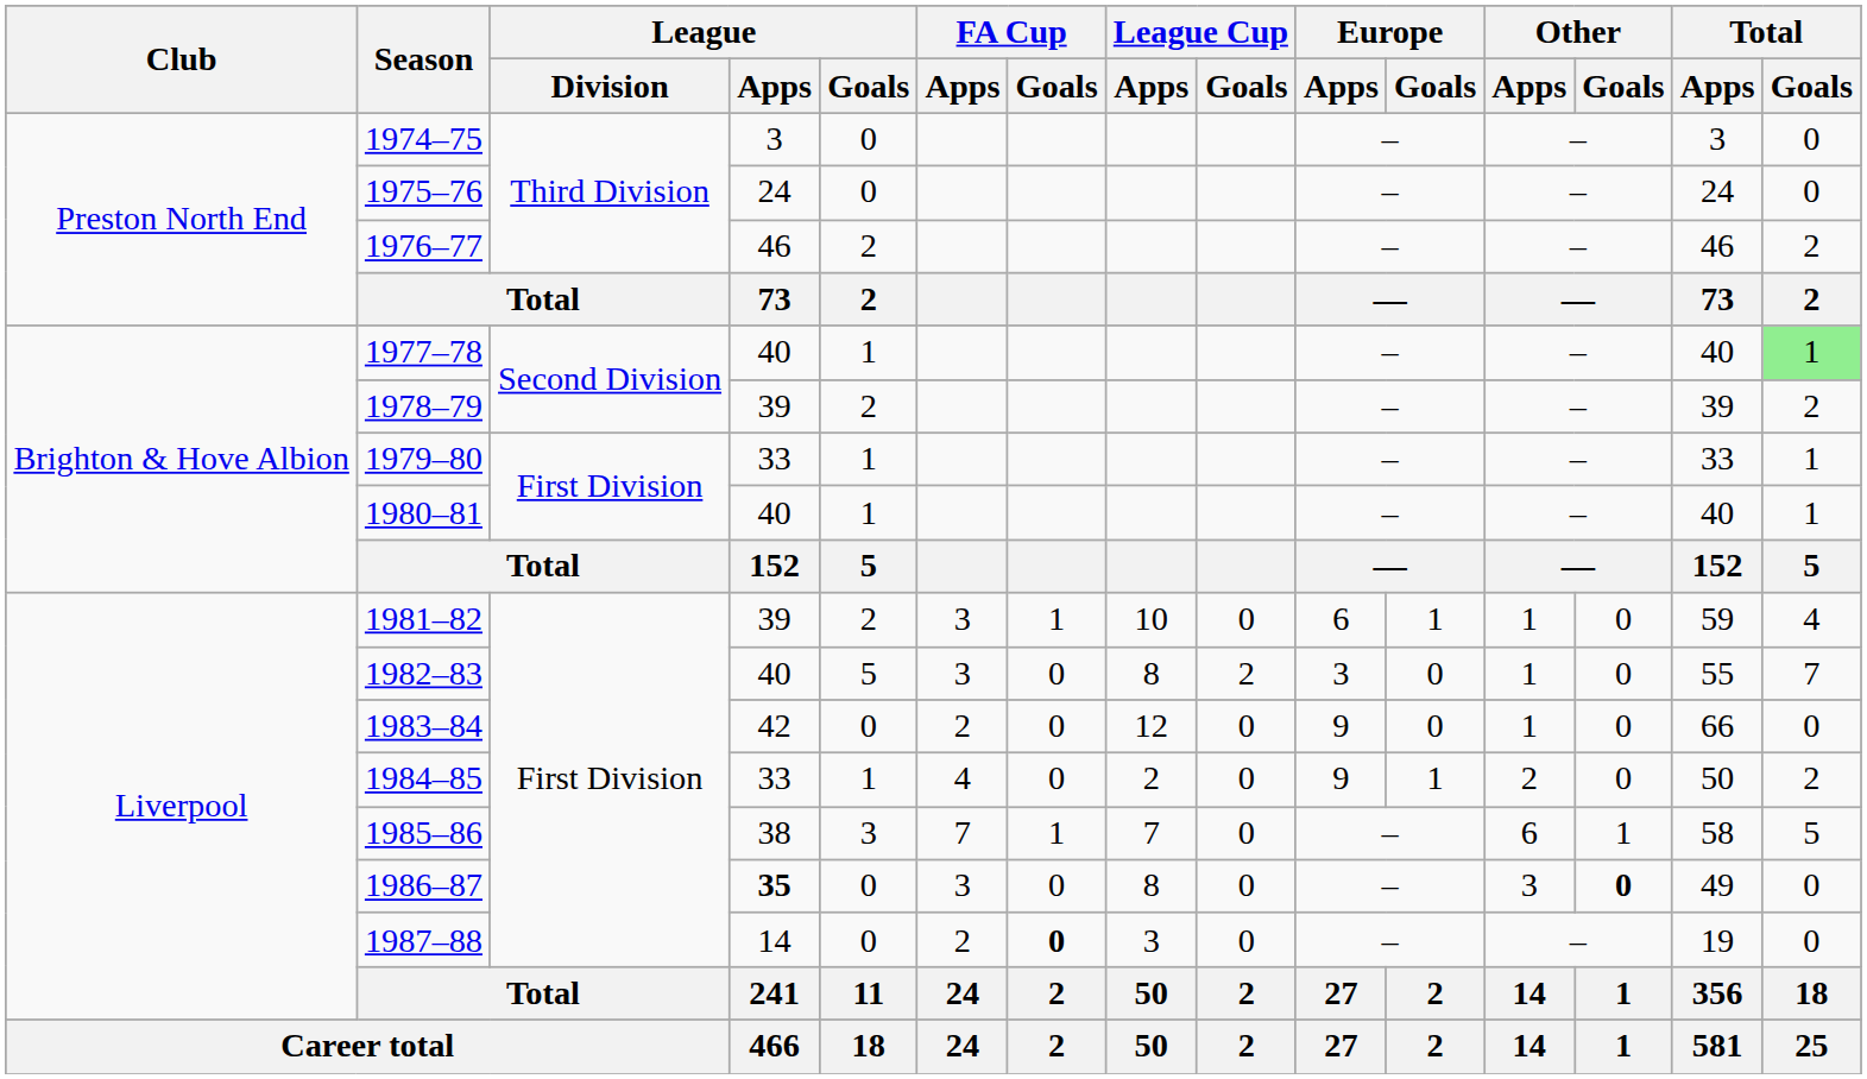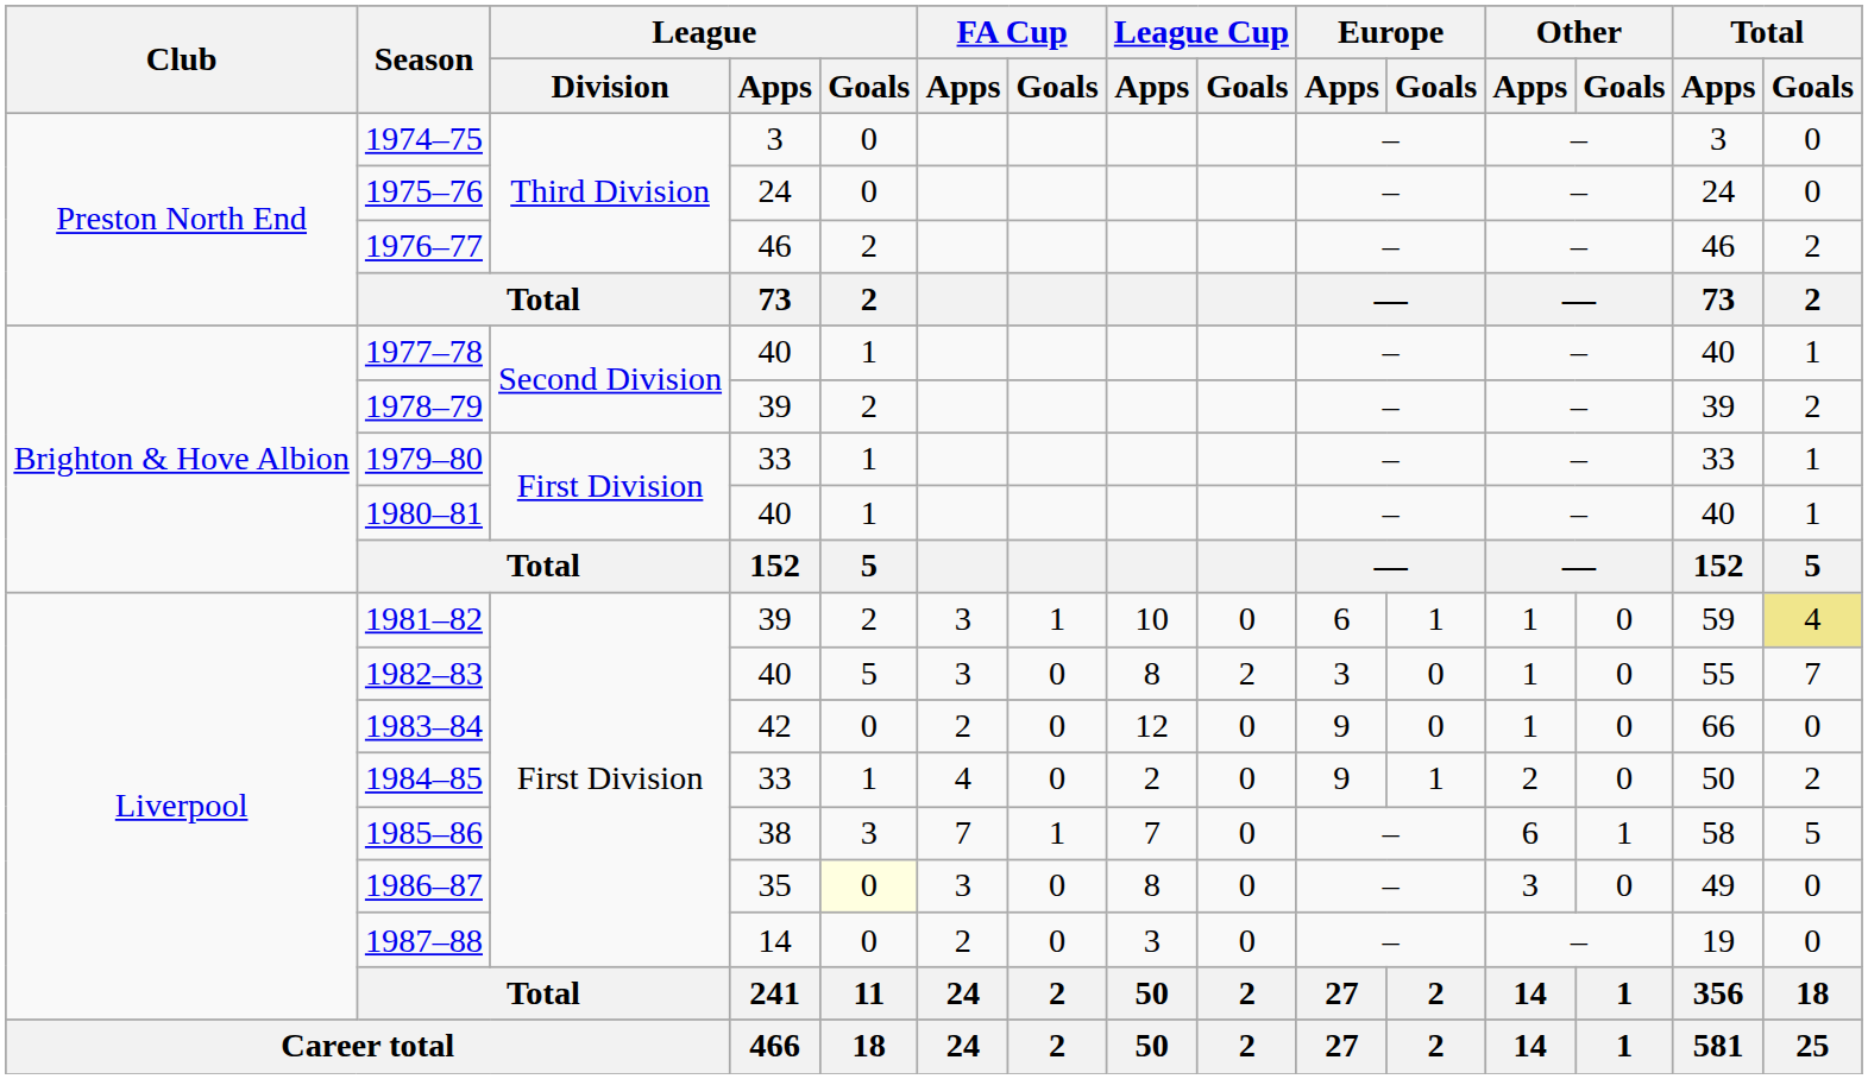 <table class="wikitable" style="text-align:center">
 <tr>
 <th rowspan="2">Club</th>
 <th rowspan="2">Season</th>
 <th colspan="3">League</th>
 <th colspan="2"><a href='#'>FA Cup</a></th>
 <th colspan="2"><a href='#'>League Cup</a></th>
 <th colspan="2">Europe</th>
 <th colspan="2">Other</th>
 <th colspan="2">Total</th>
 </tr>
 <tr>
 <th>Division</th>
 <th>Apps</th>
 <th>Goals</th>
 <th>Apps</th>
 <th>Goals</th>
 <th>Apps</th>
 <th>Goals</th>
 <th>Apps</th>
 <th>Goals</th>
 <th>Apps</th>
 <th>Goals</th>
 <th>Apps</th>
 <th>Goals</th>
 </tr>
 <tr>
 <td rowspan="4"><a href='#'>Preston North End</a></td>
 <td><a href='#'>1974–75</a></td>
 <td rowspan="3"><a href='#'>Third Division</a></td>
 <td>3</td>
 <td>0</td>
 <td></td>
 <td></td>
 <td></td>
 <td></td>
 <td colspan="2">–</td>
 <td colspan="2">–</td>
 <td>3</td>
 <td>0</td>
 </tr>
 <tr>
 <td><a href='#'>1975–76</a></td>
 <td>24</td>
 <td>0</td>
 <td></td>
 <td></td>
 <td></td>
 <td></td>
 <td colspan="2">–</td>
 <td colspan="2">–</td>
 <td>24</td>
 <td>0</td>
 </tr>
 <tr>
 <td><a href='#'>1976–77</a></td>
 <td>46</td>
 <td>2</td>
 <td></td>
 <td></td>
 <td></td>
 <td></td>
 <td colspan="2">–</td>
 <td colspan="2">–</td>
 <td>46</td>
 <td>2</td>
 </tr>
 <tr>
 <th colspan="2">Total</th>
 <th>73</th>
 <th>2</th>
 <th></th>
 <th></th>
 <th></th>
 <th></th>
 <th colspan="2">—</th>
 <th colspan="2">—</th>
 <th>73</th>
 <th>2</th>
 </tr>
 <tr>
 <td rowspan="5"><a href='#'>Brighton & Hove Albion</a></td>
 <td><a href='#'>1977–78</a></td>
 <td rowspan="2"><a href='#'>Second Division</a></td>
 <td>40</td>
 <td>1</td>
 <td></td>
 <td></td>
 <td></td>
 <td></td>
 <td colspan="2">–</td>
 <td colspan="2">–</td>
 <td>40</td>
-<td style="background: lightgreen;">1</td>
+<td>1</td>
 </tr>
 <tr>
 <td><a href='#'>1978–79</a></td>
 <td>39</td>
 <td>2</td>
 <td></td>
 <td></td>
 <td></td>
 <td></td>
 <td colspan="2">–</td>
 <td colspan="2">–</td>
 <td>39</td>
 <td>2</td>
 </tr>
 <tr>
 <td><a href='#'>1979–80</a></td>
 <td rowspan="2"><a href='#'>First Division</a></td>
 <td>33</td>
 <td>1</td>
 <td></td>
 <td></td>
 <td></td>
 <td></td>
 <td colspan="2">–</td>
 <td colspan="2">–</td>
 <td>33</td>
 <td>1</td>
 </tr>
 <tr>
 <td><a href='#'>1980–81</a></td>
 <td>40</td>
 <td>1</td>
 <td></td>
 <td></td>
 <td></td>
 <td></td>
 <td colspan="2">–</td>
 <td colspan="2">–</td>
 <td>40</td>
 <td>1</td>
 </tr>
 <tr>
 <th colspan="2">Total</th>
 <th>152</th>
 <th>5</th>
 <th></th>
 <th></th>
 <th></th>
 <th></th>
 <th colspan="2">—</th>
 <th colspan="2">—</th>
 <th>152</th>
 <th>5</th>
 </tr>
 <tr>
 <td rowspan="8"><a href='#'>Liverpool</a></td>
 <td><a href='#'>1981–82</a></td>
 <td rowspan="7">First Division</td>
 <td>39</td>
 <td>2</td>
 <td>3</td>
 <td>1</td>
 <td>10</td>
 <td>0</td>
 <td>6</td>
 <td>1</td>
 <td>1</td>
 <td>0</td>
 <td>59</td>
-<td>4</td>
+<td style="background: khaki;">4</td>
 </tr>
 <tr>
 <td><a href='#'>1982–83</a></td>
 <td>40</td>
 <td>5</td>
 <td>3</td>
 <td>0</td>
 <td>8</td>
 <td>2</td>
 <td>3</td>
 <td>0</td>
 <td>1</td>
 <td>0</td>
 <td>55</td>
 <td>7</td>
 </tr>
 <tr>
 <td><a href='#'>1983–84</a></td>
 <td>42</td>
 <td>0</td>
 <td>2</td>
 <td>0</td>
 <td>12</td>
 <td>0</td>
 <td>9</td>
 <td>0</td>
 <td>1</td>
 <td>0</td>
 <td>66</td>
 <td>0</td>
 </tr>
 <tr>
 <td><a href='#'>1984–85</a></td>
 <td>33</td>
 <td>1</td>
 <td>4</td>
 <td>0</td>
 <td>2</td>
 <td>0</td>
 <td>9</td>
 <td>1</td>
 <td>2</td>
 <td>0</td>
 <td>50</td>
 <td>2</td>
 </tr>
 <tr>
 <td><a href='#'>1985–86</a></td>
 <td>38</td>
 <td>3</td>
 <td>7</td>
 <td>1</td>
 <td>7</td>
 <td>0</td>
 <td colspan="2">–</td>
 <td>6</td>
 <td>1</td>
 <td>58</td>
 <td>5</td>
 </tr>
 <tr>
 <td><a href='#'>1986–87</a></td>
-<td><strong>35</strong></td>
-<td>0</td>
+<td>35</td>
+<td style="background: lightyellow;">0</td>
 <td>3</td>
 <td>0</td>
 <td>8</td>
 <td>0</td>
 <td colspan="2">–</td>
 <td>3</td>
-<td><strong>0</strong></td>
+<td>0</td>
 <td>49</td>
 <td>0</td>
 </tr>
 <tr>
 <td><a href='#'>1987–88</a></td>
 <td>14</td>
 <td>0</td>
 <td>2</td>
-<td><strong>0</strong></td>
+<td>0</td>
 <td>3</td>
 <td>0</td>
 <td colspan="2">–</td>
 <td colspan="2">–</td>
 <td>19</td>
 <td>0</td>
 </tr>
 <tr>
 <th colspan="2">Total</th>
 <th>241</th>
 <th>11</th>
 <th>24</th>
 <th>2</th>
 <th>50</th>
 <th>2</th>
 <th>27</th>
 <th>2</th>
 <th>14</th>
 <th>1</th>
 <th>356</th>
 <th>18</th>
 </tr>
 <tr>
 <th colspan="3">Career total</th>
 <th>466</th>
 <th>18</th>
 <th>24</th>
 <th>2</th>
 <th>50</th>
 <th>2</th>
 <th>27</th>
 <th>2</th>
 <th>14</th>
 <th>1</th>
 <th>581</th>
 <th>25</th>
 </tr>
 </table>
